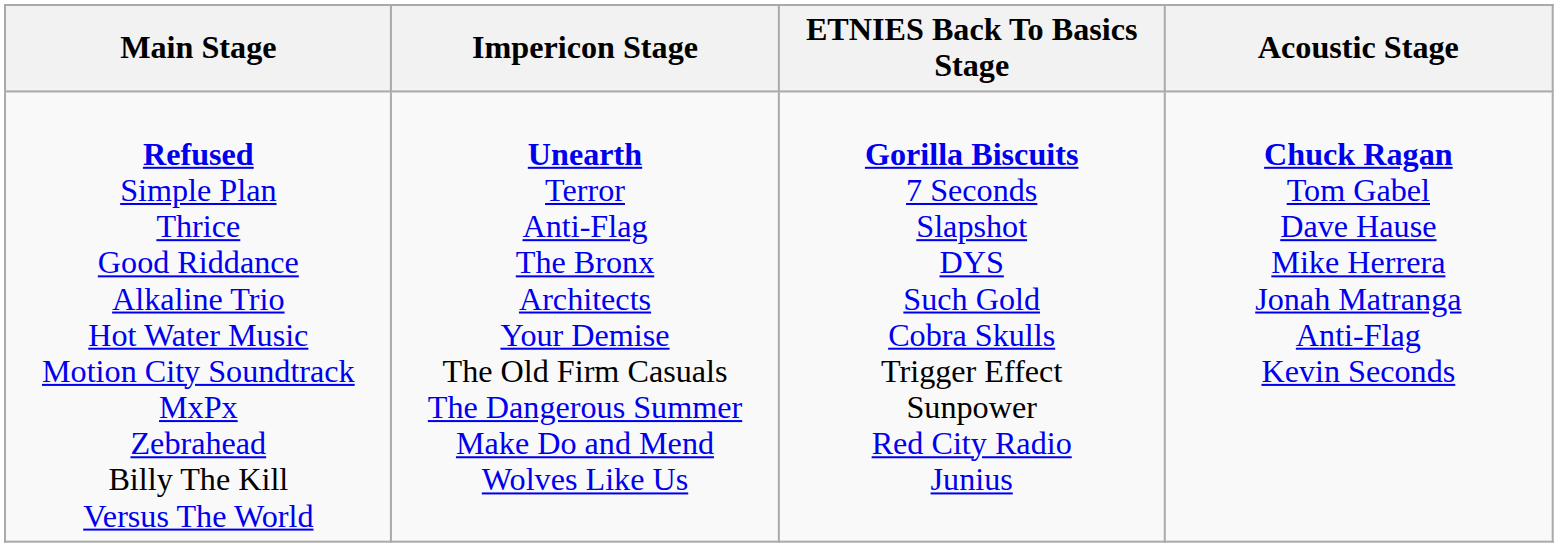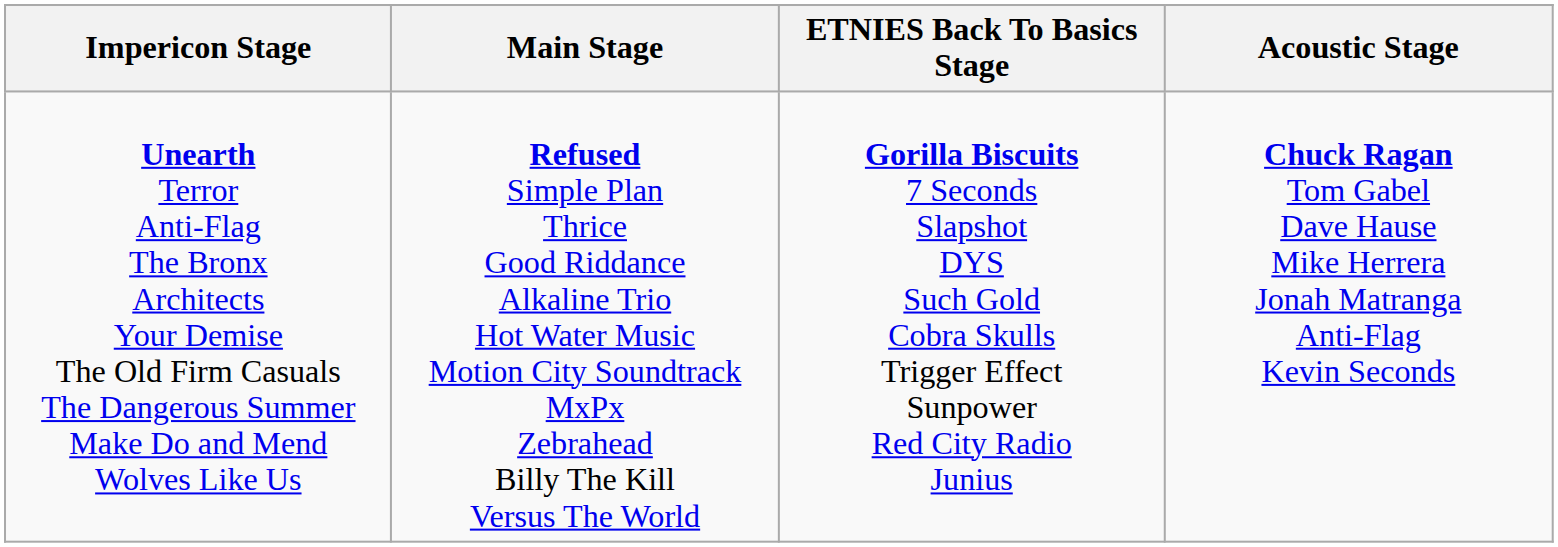 <table class="wikitable">
 <tr>
+<th>Impericon Stage</th>
 <th>Main Stage</th>
-<th>Impericon Stage</th>
 <th>ETNIES Back To Basics Stage</th>
 <th>Acoustic Stage</th>
 </tr>
 <tr>
+<td style="text-align:center; vertical-align:top; width:185px;"><br><strong><a href='#'>Unearth</a></strong> <br><a href='#'>Terror</a> <br><a href='#'>Anti-Flag</a> <br><a href='#'>The Bronx</a> <br><a href='#'>Architects</a> <br><a href='#'>Your Demise</a> <br>The Old Firm Casuals <br><a href='#'>The Dangerous Summer</a> <br><a href='#'>Make Do and Mend</a> <br><a href='#'>Wolves Like Us</a></td>
 <td style="text-align:center; vertical-align:top; width:185px;"><br><strong><a href='#'>Refused</a></strong> <br><a href='#'>Simple Plan</a> <br><a href='#'>Thrice</a> <br><a href='#'>Good Riddance</a> <br><a href='#'>Alkaline Trio</a> <br><a href='#'>Hot Water Music</a> <br><a href='#'>Motion City Soundtrack</a> <br><a href='#'>MxPx</a> <br><a href='#'>Zebrahead</a> <br>Billy The Kill <br><a href='#'>Versus The World</a></td>
-<td style="text-align:center; vertical-align:top; width:185px;"><br><strong><a href='#'>Unearth</a></strong> <br><a href='#'>Terror</a> <br><a href='#'>Anti-Flag</a> <br><a href='#'>The Bronx</a> <br><a href='#'>Architects</a> <br><a href='#'>Your Demise</a> <br>The Old Firm Casuals <br><a href='#'>The Dangerous Summer</a> <br><a href='#'>Make Do and Mend</a> <br><a href='#'>Wolves Like Us</a></td>
 <td style="text-align:center; vertical-align:top; width:185px;"><br><strong><a href='#'>Gorilla Biscuits</a></strong> <br><a href='#'>7 Seconds</a> <br><a href='#'>Slapshot</a> <br><a href='#'>DYS</a> <br><a href='#'>Such Gold</a> <br><a href='#'>Cobra Skulls</a> <br>Trigger Effect <br>Sunpower <br><a href='#'>Red City Radio</a> <br><a href='#'>Junius</a></td>
 <td style="text-align:center; vertical-align:top; width:185px;"><br><strong><a href='#'>Chuck Ragan</a></strong> <br><a href='#'>Tom Gabel</a> <br><a href='#'>Dave Hause</a> <br><a href='#'>Mike Herrera</a> <br><a href='#'>Jonah Matranga</a> <br><a href='#'>Anti-Flag</a> <br><a href='#'>Kevin Seconds</a></td>
 </tr>
 </table>
